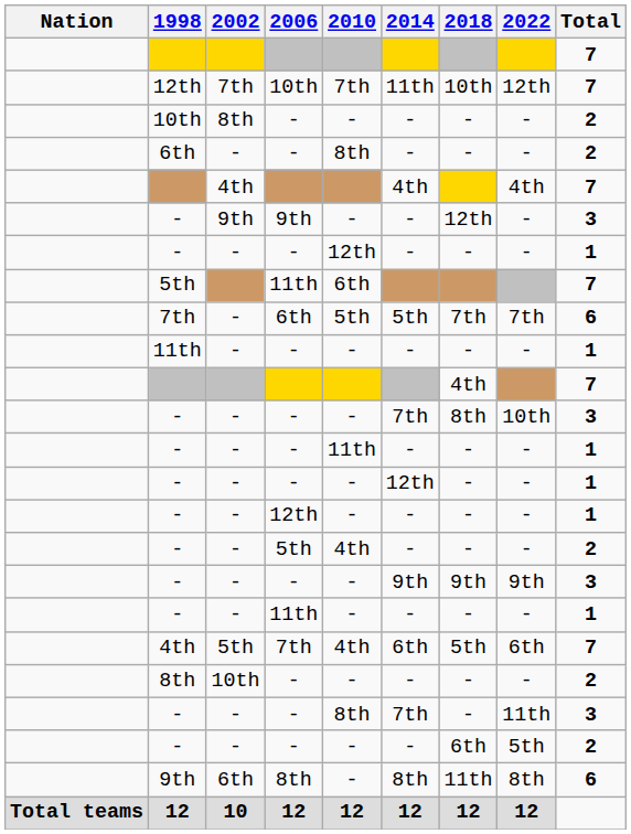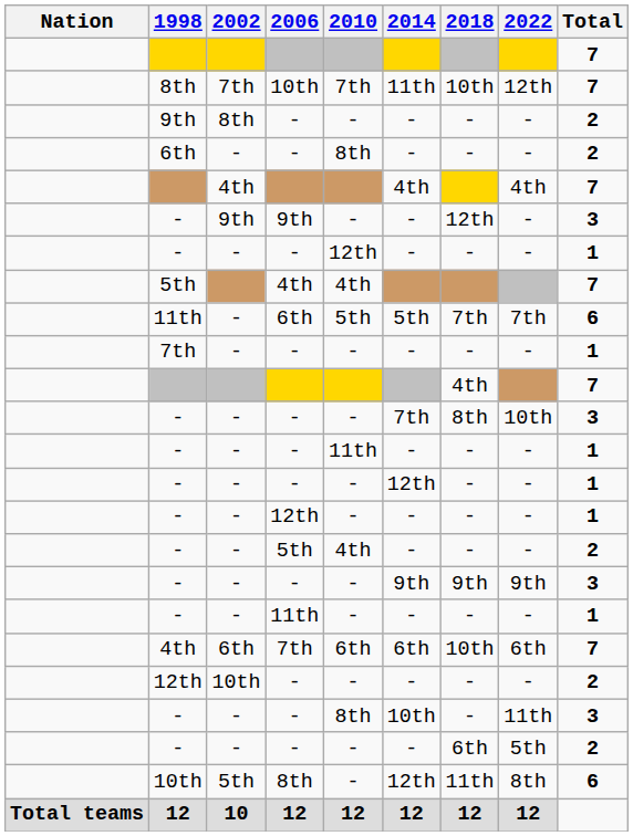 <table class="wikitable sortable" style="text-align:center">
 <tr>
 <th>Nation</th>
 <th><a href='#'>1998</a><br></th>
 <th><a href='#'>2002</a><br></th>
 <th><a href='#'>2006</a><br></th>
 <th><a href='#'>2010</a><br></th>
 <th><a href='#'>2014</a><br></th>
 <th><a href='#'>2018</a><br></th>
 <th><a href='#'>2022</a><br></th>
 <th>Total</th>
 </tr>
 <tr>
 <td align=left></td>
 <td bgcolor=gold></td>
 <td bgcolor=gold></td>
 <td bgcolor=silver></td>
 <td bgcolor=silver></td>
 <td bgcolor=gold></td>
 <td bgcolor=silver></td>
 <td bgcolor=gold></td>
 <td><strong>7</strong></td>
 </tr>
 <tr>
 <td align=left></td>
-<td>12th</td>
+<td>8th</td>
 <td>7th</td>
 <td>10th</td>
 <td>7th</td>
 <td>11th</td>
 <td>10th</td>
 <td>12th</td>
 <td><strong>7</strong></td>
 </tr>
 <tr>
 <td align=left></td>
-<td>10th</td>
+<td>9th</td>
 <td>8th</td>
 <td>-</td>
 <td>-</td>
 <td>-</td>
 <td>-</td>
 <td>-</td>
 <td><strong>2</strong></td>
 </tr>
 <tr>
 <td align=left></td>
 <td>6th</td>
 <td>-</td>
 <td>-</td>
 <td>8th</td>
 <td>-</td>
 <td>-</td>
 <td>-</td>
 <td><strong>2</strong></td>
 </tr>
 <tr>
 <td align=left></td>
 <td bgcolor=cc9966></td>
 <td>4th</td>
 <td bgcolor=cc9966></td>
 <td bgcolor=cc9966></td>
 <td>4th</td>
 <td bgcolor=gold></td>
 <td>4th</td>
 <td><strong>7</strong></td>
 </tr>
 <tr>
 <td align=left></td>
 <td>-</td>
 <td>9th</td>
 <td>9th</td>
 <td>-</td>
 <td>-</td>
 <td>12th</td>
 <td>-</td>
 <td><strong>3</strong></td>
 </tr>
 <tr>
 <td align=left></td>
 <td>-</td>
 <td>-</td>
 <td>-</td>
 <td>12th</td>
 <td>-</td>
 <td>-</td>
 <td>-</td>
 <td><strong>1</strong></td>
 </tr>
 <tr>
 <td align=left></td>
 <td>5th</td>
 <td bgcolor=cc9966></td>
-<td>11th</td>
-<td>6th</td>
+<td>4th</td>
+<td>4th</td>
 <td bgcolor=cc9966></td>
 <td bgcolor=cc9966></td>
 <td bgcolor=silver></td>
 <td><strong>7</strong></td>
 </tr>
 <tr>
 <td align=left></td>
-<td>7th</td>
+<td>11th</td>
 <td>-</td>
 <td>6th</td>
 <td>5th</td>
 <td>5th</td>
 <td>7th</td>
 <td>7th</td>
 <td><strong>6</strong></td>
 </tr>
 <tr>
 <td align=left></td>
-<td>11th</td>
+<td>7th</td>
 <td>-</td>
 <td>-</td>
 <td>-</td>
 <td>-</td>
 <td>-</td>
 <td>-</td>
 <td><strong>1</strong></td>
 </tr>
 <tr>
 <td align=left></td>
 <td bgcolor=silver></td>
 <td bgcolor=silver></td>
 <td bgcolor=gold></td>
 <td bgcolor=gold></td>
 <td bgcolor=silver></td>
 <td>4th</td>
 <td bgcolor=cc9966></td>
 <td><strong>7</strong></td>
 </tr>
 <tr>
 <td align=left></td>
 <td>-</td>
 <td>-</td>
 <td>-</td>
 <td>-</td>
 <td>7th</td>
 <td>8th</td>
 <td>10th</td>
 <td><strong>3</strong></td>
 </tr>
 <tr>
 <td align=left></td>
 <td>-</td>
 <td>-</td>
 <td>-</td>
 <td>11th</td>
 <td>-</td>
 <td>-</td>
 <td>-</td>
 <td><strong>1</strong></td>
 </tr>
 <tr>
 <td align=left></td>
 <td>-</td>
 <td>-</td>
 <td>-</td>
 <td>-</td>
 <td>12th</td>
 <td>-</td>
 <td>-</td>
 <td><strong>1</strong></td>
 </tr>
 <tr>
 <td align=left></td>
 <td>-</td>
 <td>-</td>
 <td>12th</td>
 <td>-</td>
 <td>-</td>
 <td>-</td>
 <td>-</td>
 <td><strong>1</strong></td>
 </tr>
 <tr>
 <td align=left></td>
 <td>-</td>
 <td>-</td>
 <td>5th</td>
 <td>4th</td>
 <td>-</td>
 <td>-</td>
 <td>-</td>
 <td><strong>2</strong></td>
 </tr>
 <tr>
 <td align=left></td>
 <td>-</td>
 <td>-</td>
 <td>-</td>
 <td>-</td>
 <td>9th</td>
 <td>9th</td>
 <td>9th</td>
 <td><strong>3</strong></td>
 </tr>
 <tr>
 <td align=left></td>
 <td>-</td>
 <td>-</td>
 <td>11th</td>
 <td>-</td>
 <td>-</td>
 <td>-</td>
 <td>-</td>
 <td><strong>1</strong></td>
 </tr>
 <tr>
 <td align=left></td>
 <td>4th</td>
-<td>5th</td>
+<td>6th</td>
 <td>7th</td>
-<td>4th</td>
 <td>6th</td>
-<td>5th</td>
+<td>6th</td>
+<td>10th</td>
 <td>6th</td>
 <td><strong>7</strong></td>
 </tr>
 <tr>
 <td align=left></td>
-<td>8th</td>
+<td>12th</td>
 <td>10th</td>
 <td>-</td>
 <td>-</td>
 <td>-</td>
 <td>-</td>
 <td>-</td>
 <td><strong>2</strong></td>
 </tr>
 <tr>
 <td align=left></td>
 <td>-</td>
 <td>-</td>
 <td>-</td>
 <td>8th</td>
-<td>7th</td>
+<td>10th</td>
 <td>-</td>
 <td>11th</td>
 <td><strong>3</strong></td>
 </tr>
 <tr>
 <td align=left></td>
 <td>-</td>
 <td>-</td>
 <td>-</td>
 <td>-</td>
 <td>-</td>
 <td>6th</td>
 <td>5th</td>
 <td><strong>2</strong></td>
 </tr>
 <tr>
 <td align=left></td>
-<td>9th</td>
-<td>6th</td>
+<td>10th</td>
+<td>5th</td>
 <td>8th</td>
 <td>-</td>
-<td>8th</td>
+<td>12th</td>
 <td>11th</td>
 <td>8th</td>
 <td><strong>6</strong></td>
 </tr>
 <tr style="background:#ddd" class="unsortable">
 <td align=left><strong>Total teams</strong></td>
 <td><strong>12</strong></td>
 <td><strong>10</strong></td>
 <td><strong>12</strong></td>
 <td><strong>12</strong></td>
 <td><strong>12</strong></td>
 <td><strong>12</strong></td>
 <td><strong>12</strong></td>
 </tr>
 </table>
